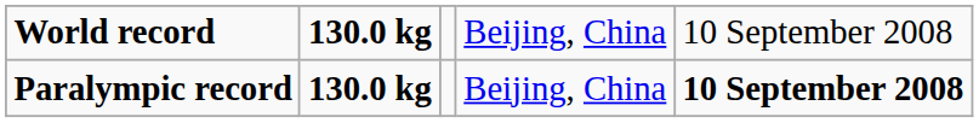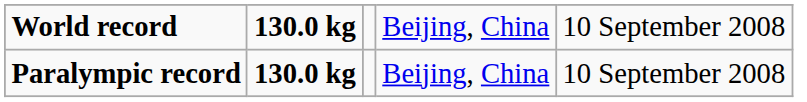 <table class="wikitable">
 <tr>
 <td><strong>World record</strong></td>
 <td><strong>130.0 kg</strong></td>
 <td></td>
 <td><a href='#'>Beijing</a>, <a href='#'>China</a></td>
 <td>10 September 2008</td>
 </tr>
 <tr>
 <td><strong>Paralympic record</strong></td>
 <td><strong>130.0 kg</strong></td>
 <td></td>
 <td><a href='#'>Beijing</a>, <a href='#'>China</a></td>
-<td><strong>10 September 2008</strong></td>
+<td>10 September 2008</td>
 </tr>
 </table>
